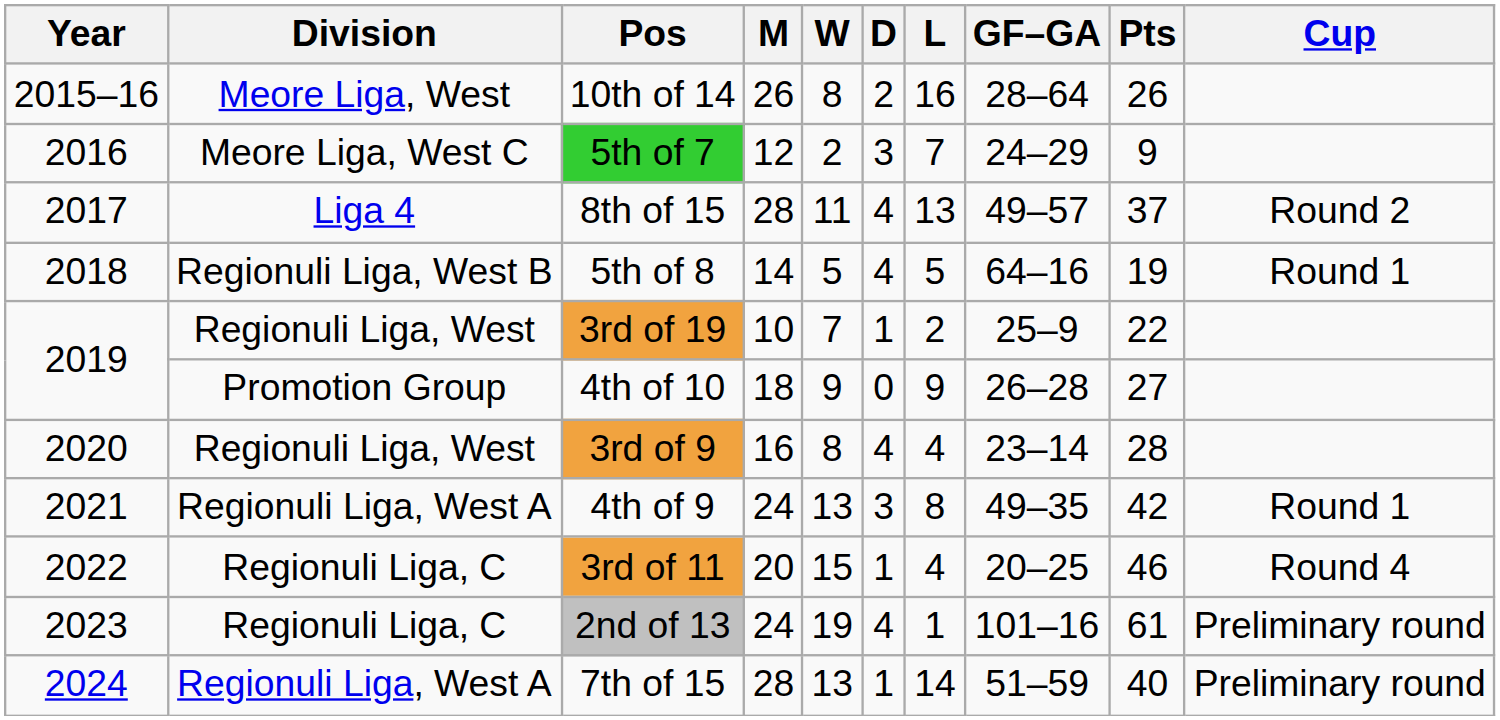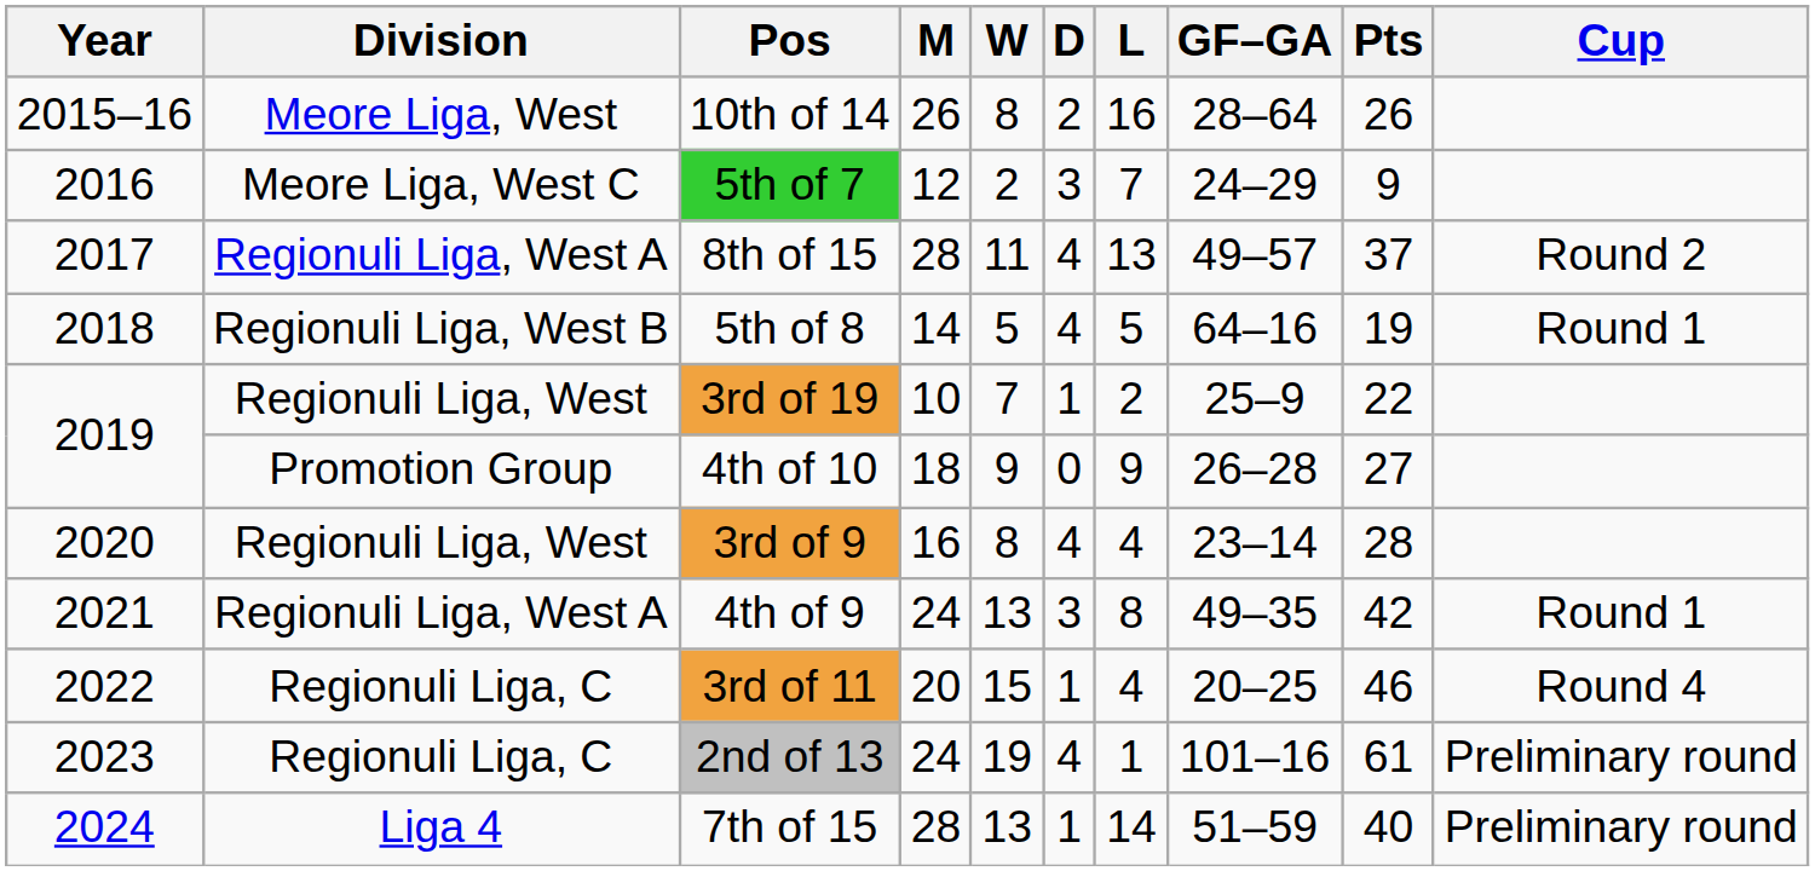 <table class="wikitable sortable" style="text-align: center">
 <tr>
 <th>Year</th>
 <th>Division</th>
 <th>Pos</th>
 <th>M</th>
 <th>W</th>
 <th>D</th>
 <th>L</th>
 <th>GF–GA</th>
 <th>Pts</th>
 <th><a href='#'>Cup</a></th>
 </tr>
 <tr>
 <td>2015–16</td>
 <td><a href='#'>Meore Liga</a>, West</td>
 <td>10th of 14</td>
 <td>26</td>
 <td>8</td>
 <td>2</td>
 <td>16</td>
 <td>28–64</td>
 <td>26</td>
 <td></td>
 </tr>
 <tr>
 <td>2016</td>
 <td>Meore Liga, West C</td>
 <td bgcolor=LimeGreen>5th of 7</td>
 <td>12</td>
 <td>2</td>
 <td>3</td>
 <td>7</td>
 <td>24–29</td>
 <td>9</td>
 <td></td>
 </tr>
 <tr>
 <td>2017</td>
-<td><a href='#'>Liga 4</a></td>
+<td><a href='#'>Regionuli Liga</a>, West A</td>
 <td>8th of 15</td>
 <td>28</td>
 <td>11</td>
 <td>4</td>
 <td>13</td>
 <td>49–57</td>
 <td>37</td>
 <td>Round 2</td>
 </tr>
 <tr>
 <td>2018</td>
 <td>Regionuli Liga, West B</td>
 <td>5th of 8</td>
 <td>14</td>
 <td>5</td>
 <td>4</td>
 <td>5</td>
 <td>64–16</td>
 <td>19</td>
 <td>Round 1</td>
 </tr>
 <tr>
 <td rowspan='2'>2019</td>
 <td>Regionuli Liga, West</td>
 <td bgcolor=#F1A33F>3rd of 19</td>
 <td>10</td>
 <td>7</td>
 <td>1</td>
 <td>2</td>
 <td>25–9</td>
 <td>22</td>
 <td></td>
 </tr>
 <tr>
 <td>Promotion Group</td>
 <td>4th of 10</td>
 <td>18</td>
 <td>9</td>
 <td>0</td>
 <td>9</td>
 <td>26–28</td>
 <td>27</td>
 </tr>
 <tr>
 <td>2020</td>
 <td>Regionuli Liga, West</td>
 <td bgcolor=#F1A33F>3rd of 9</td>
 <td>16</td>
 <td>8</td>
 <td>4</td>
 <td>4</td>
 <td>23–14</td>
 <td>28</td>
 <td></td>
 </tr>
 <tr>
 <td>2021</td>
 <td>Regionuli Liga, West A</td>
 <td>4th of 9</td>
 <td>24</td>
 <td>13</td>
 <td>3</td>
 <td>8</td>
 <td>49–35</td>
 <td>42</td>
 <td>Round 1</td>
 </tr>
 <tr>
 <td>2022</td>
 <td>Regionuli Liga, C</td>
 <td bgcolor=#F1A33F>3rd of 11</td>
 <td>20</td>
 <td>15</td>
 <td>1</td>
 <td>4</td>
 <td>20–25</td>
 <td>46</td>
 <td>Round 4</td>
 </tr>
 <tr>
 <td>2023</td>
 <td>Regionuli Liga, C</td>
 <td bgcolor=Silver>2nd of 13</td>
 <td>24</td>
 <td>19</td>
 <td>4</td>
 <td>1</td>
 <td>101–16</td>
 <td>61</td>
 <td>Preliminary round</td>
 </tr>
 <tr>
 <td><a href='#'>2024</a></td>
-<td><a href='#'>Regionuli Liga</a>, West A</td>
+<td><a href='#'>Liga 4</a></td>
 <td>7th of 15</td>
 <td>28</td>
 <td>13</td>
 <td>1</td>
 <td>14</td>
 <td>51–59</td>
 <td>40</td>
 <td>Preliminary round</td>
 </tr>
 </table>
